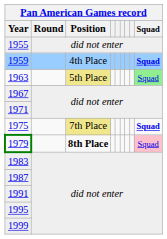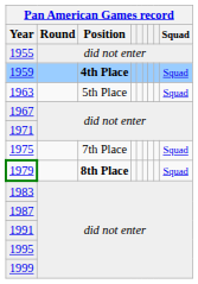 <table class="wikitable" style="text-align: center;">
 <tr>
 <th colspan=9><a href='#'>Pan American Games record</a></th>
 </tr>
 <tr>
 <th>Year</th>
 <th>Round</th>
 <th>Position</th>
 <th></th>
 <th></th>
 <th></th>
 <th></th>
 <th></th>
 <th><small>Squad</small></th>
 </tr>
 <tr bgcolor="efefef">
 <td> <a href='#'>1955</a></td>
 <td colspan=8 rowspan=1 align=center><em>did not enter</em></td>
 </tr>
 <tr bgcolor=#9acdff>
 <td> <a href='#'>1959</a></td>
 <td></td>
-<td>4th Place</td>
+<td><strong>4th Place</strong></td>
 <td></td>
 <td></td>
 <td></td>
 <td></td>
 <td></td>
-<td><strong><small><a href='#'>Squad</a></small></strong></td>
+<td><small><a href='#'>Squad</a></small></td>
 </tr>
 <tr>
 <td> <a href='#'>1963</a></td>
 <td></td>
-<td style="background: khaki;">5th Place</td>
+<td>5th Place</td>
 <td></td>
 <td></td>
 <td></td>
 <td></td>
 <td></td>
-<td style="background: lightgreen;"><small><a href='#'>Squad</a></small></td>
+<td><small><a href='#'>Squad</a></small></td>
 </tr>
 <tr bgcolor="efefef">
 <td> <a href='#'>1967</a></td>
 <td colspan=8 rowspan=2 align=center><em>did not enter</em></td>
 </tr>
 <tr bgcolor="efefef">
 <td> <a href='#'>1971</a></td>
 </tr>
 <tr>
 <td> <a href='#'>1975</a></td>
 <td></td>
-<td style="background: khaki;">7th Place</td>
+<td>7th Place</td>
 <td></td>
 <td></td>
 <td></td>
 <td></td>
 <td></td>
-<td><strong><small><a href='#'>Squad</a></small></strong></td>
+<td><small><a href='#'>Squad</a></small></td>
 </tr>
 <tr>
 <td style="border: 3px solid green"> <a href='#'>1979</a></td>
 <td></td>
 <td><strong>8th Place</strong></td>
 <td></td>
 <td></td>
 <td></td>
 <td></td>
 <td></td>
-<td style="background: pink;"><small><a href='#'>Squad</a></small></td>
+<td><small><a href='#'>Squad</a></small></td>
 </tr>
 <tr bgcolor="efefef">
 <td> <a href='#'>1983</a></td>
 <td colspan=8 rowspan=5 align=center><em>did not enter</em></td>
 </tr>
 <tr bgcolor="efefef">
 <td> <a href='#'>1987</a></td>
 </tr>
 <tr bgcolor="efefef">
 <td> <a href='#'>1991</a></td>
 </tr>
 <tr bgcolor="efefef">
 <td> <a href='#'>1995</a></td>
 </tr>
 <tr bgcolor="efefef">
 <td> <a href='#'>1999</a></td>
 </tr>
 </table>
